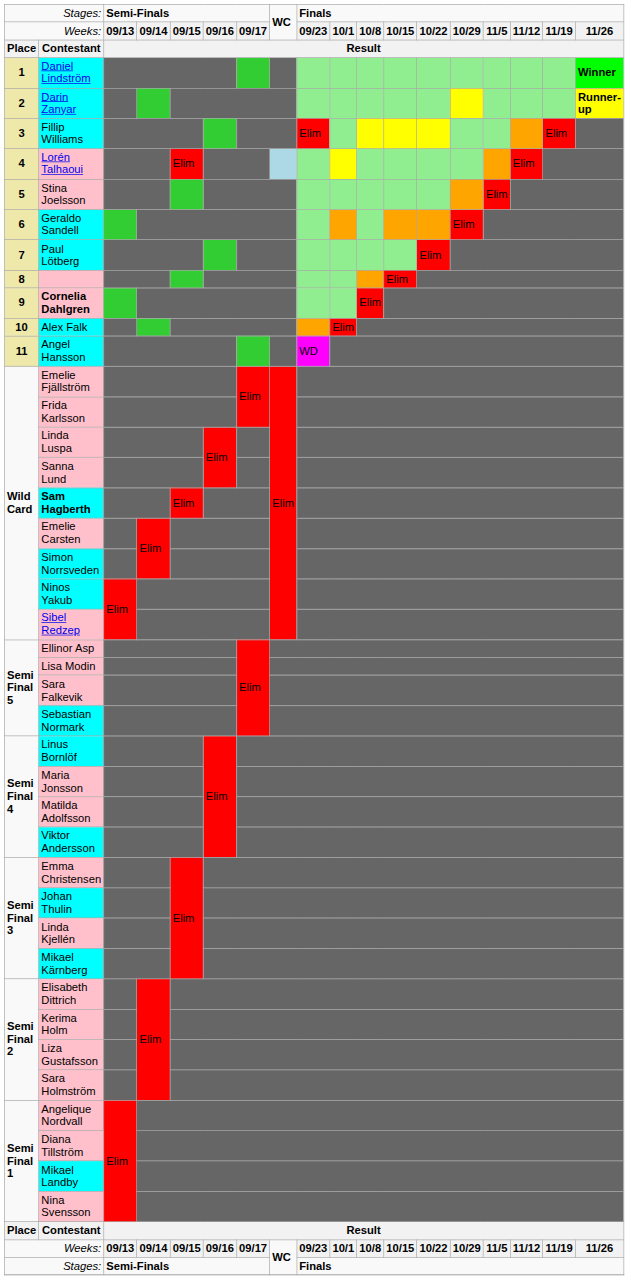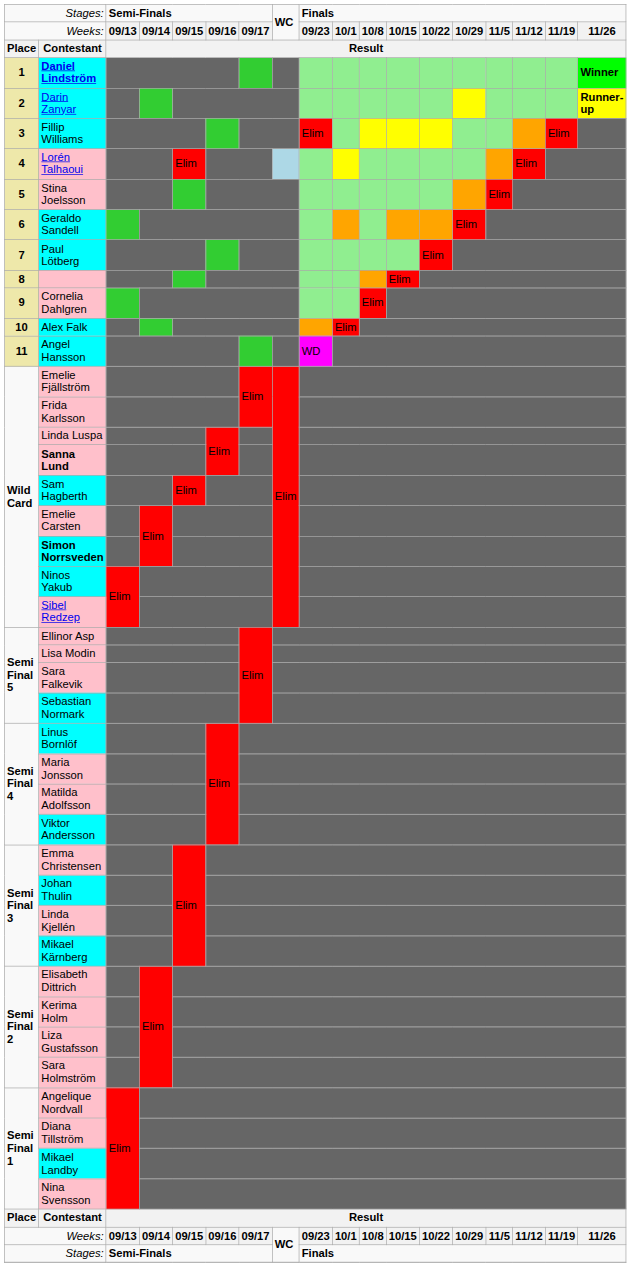 <table class="wikitable" align="center">
 <tr>
 <td colspan = "2" align="right"><em>Stages:</em></td>
 <td colspan = "5" style="background: #CCCCCC text-align: Center;"><strong>Semi-Finals</strong></td>
 <td colspan = "1" style="background: #FBF373 text-align: center;" rowspan="2"><strong>WC</strong></td>
 <td colspan = "10" style="background: palegoldenrod text-align: Center;"><strong>Finals</strong></td>
 </tr>
 <tr>
 <td colspan = "2" align="right"><em>Weeks:</em></td>
 <th>09/13</th>
 <th>09/14</th>
 <th>09/15</th>
 <th>09/16</th>
 <th>09/17</th>
 <th>09/23</th>
 <th>10/1</th>
 <th>10/8</th>
 <th>10/15</th>
 <th>10/22</th>
 <th>10/29</th>
 <th>11/5</th>
 <th>11/12</th>
 <th>11/19</th>
 <th>11/26</th>
 </tr>
 <tr>
 <th>Place</th>
 <th>Contestant</th>
 <th colspan="16" align="center">Result</th>
 </tr>
 <tr>
 <td style   = "text-align: center; background: palegoldenrod"><strong>1</strong></td>
-<td style   = "background: cyan"><a href='#'>Daniel Lindström</a></td>
+<td style   = "background: cyan"><strong><a href='#'>Daniel Lindström</a></strong></td>
 <td colspan = "4" bgcolor="666666"></td>
 <td style   = "background: limegreen"></td>
 <td bgcolor = "666666"></td>
 <td style   = "background: lightgreen"></td>
 <td style   = "background: lightgreen"></td>
 <td style   = "background: lightgreen"></td>
 <td style   = "background: lightgreen"></td>
 <td style   = "background: lightgreen"></td>
 <td style   = "background: lightgreen"></td>
 <td style   = "background: lightgreen"></td>
 <td style   = "background: lightgreen"></td>
 <td style   = "background: lightgreen"></td>
 <td style   = "background: Lime"><strong>Winner</strong></td>
 </tr>
 <tr>
 <td style   = "text-align: center; background: palegoldenrod"><strong>2</strong></td>
 <td style   = "background: cyan"><a href='#'>Darin Zanyar</a></td>
 <td bgcolor = "666666"></td>
 <td style   = "background: limegreen"></td>
 <td colspan = "4" bgcolor="666666"></td>
 <td style   = "background: lightgreen"></td>
 <td style   = "background: lightgreen"></td>
 <td style   = "background: lightgreen"></td>
 <td style   = "background: lightgreen"></td>
 <td style   = "background: lightgreen"></td>
 <td style   = "background: yellow"></td>
 <td style   = "background: lightgreen"></td>
 <td style   = "background: lightgreen"></td>
 <td style   = "background: lightgreen"></td>
 <td style   = "background: yellow"><strong>Runner-up</strong></td>
 </tr>
 <tr>
 <td style   = "text-align: center; background: palegoldenrod"><strong>3</strong></td>
 <td style   = "background: Cyan">Fillip Williams</td>
 <td colspan = "3" bgcolor="666666"></td>
 <td style   = "background: limegreen"></td>
 <td colspan = "2" bgcolor="666666"></td>
 <td style   = "background: red"><span>Elim</span></td>
 <td style   = "background: lightgreen"></td>
 <td style   = "background: yellow"></td>
 <td style   = "background: yellow"></td>
 <td style   = "background: yellow"></td>
 <td style   = "background: lightgreen"></td>
 <td style   = "background: lightgreen"></td>
 <td style   = "background: orange"></td>
 <td style   = "background: red"><span>Elim</span></td>
 <td colspan = "6" bgcolor="666666"></td>
 </tr>
 <tr>
 <td style   = "text-align: center; background: palegoldenrod"><strong>4</strong></td>
 <td style   = "background: pink"><a href='#'>Lorén Talhaoui</a></td>
 <td colspan = "2" bgcolor="666666"></td>
 <td style   = "background: red"><span>Elim</span></td>
 <td colspan = "2" bgcolor="666666"></td>
 <td style   = "background: lightblue"></td>
 <td style   = "background: lightgreen"></td>
 <td style   = "background: yellow"></td>
 <td style   = "background: lightgreen"></td>
 <td style   = "background: lightgreen"></td>
 <td style   = "background: lightgreen"></td>
 <td style   = "background: lightgreen"></td>
 <td style   = "background: orange"></td>
 <td style   = "background: red"><span>Elim</span></td>
 <td colspan = "7" bgcolor="666666"></td>
 </tr>
 <tr>
 <td style   = "text-align: center; background: palegoldenrod"><strong>5</strong></td>
 <td style   = "background: pink">Stina Joelsson</td>
 <td colspan = "2" bgcolor="666666"></td>
 <td style   = "background: limegreen"></td>
 <td colspan = "3" bgcolor="666666"></td>
 <td style   = "background: lightgreen"></td>
 <td style   = "background: lightgreen"></td>
 <td style   = "background: lightgreen"></td>
 <td style   = "background: lightgreen"></td>
 <td style   = "background: lightgreen"></td>
 <td style   = "background: orange"></td>
 <td style   = "background: red"><span>Elim</span></td>
 <td colspan = "8" bgcolor="666666"></td>
 </tr>
 <tr>
 <td style   = "text-align: center; background: palegoldenrod"><strong>6</strong></td>
 <td style   = "background: cyan">Geraldo Sandell</td>
 <td style   = "background: limegreen"></td>
 <td colspan = "5" bgcolor="666666"></td>
 <td style   = "background: lightgreen"></td>
 <td style   = "background: orange"></td>
 <td style   = "background: lightgreen"></td>
 <td style   = "background: orange"></td>
 <td style   = "background: orange"></td>
 <td style   = "background: red"><span>Elim</span></td>
 <td colspan = "9" bgcolor="666666"></td>
 </tr>
 <tr>
 <td style   = "text-align: center; background: palegoldenrod"><strong>7</strong></td>
 <td style   = "background: Cyan">Paul Lötberg</td>
 <td colspan = "3" bgcolor="666666"></td>
 <td style   = "background: limegreen"></td>
 <td colspan = "2" bgcolor="666666"></td>
 <td style   = "background: lightgreen"></td>
 <td style   = "background: lightgreen"></td>
 <td style   = "background: lightgreen"></td>
 <td style   = "background: lightgreen"></td>
 <td style   = "background: red"><span>Elim</span></td>
 <td colspan = "10" bgcolor="666666"></td>
 </tr>
 <tr>
 <td style   = "text-align: center; background: palegoldenrod"><strong>8</strong></td>
 <td style   = "background: pink"></td>
 <td colspan = "2" bgcolor="666666"></td>
 <td style   = "background: limegreen"></td>
 <td colspan = "3" bgcolor="666666"></td>
 <td style   = "background: lightgreen"></td>
 <td style   = "background: lightgreen"></td>
 <td style   = "background: orange"></td>
 <td style   = "background: red"><span>Elim</span></td>
 <td colspan = "11" bgcolor="666666"></td>
 </tr>
 <tr>
 <td style   = "text-align: center; background: palegoldenrod"><strong>9</strong></td>
-<td style   = "background: Pink"><strong>Cornelia Dahlgren</strong></td>
+<td style   = "background: Pink">Cornelia Dahlgren</td>
 <td style   = "background: limegreen"></td>
 <td colspan = "5" bgcolor="666666"></td>
 <td style   = "background: lightgreen"></td>
 <td style   = "background: lightgreen"></td>
 <td style   = "background: red"><span>Elim</span></td>
 <td colspan = "12" bgcolor="666666"></td>
 </tr>
 <tr>
 <td style   = "text-align: center; background: palegoldenrod"><strong>10</strong></td>
 <td style   = "background: cyan">Alex Falk</td>
 <td bgcolor = "666666"></td>
 <td style   = "background: limegreen"></td>
 <td colspan = "4" bgcolor="666666"></td>
 <td style   = "background: orange"></td>
 <td style   = "background: red"><span>Elim</span></td>
 <td colspan = "13" bgcolor="666666"></td>
 </tr>
 <tr>
 <td style   = "text-align: center; background: palegoldenrod"><strong>11</strong></td>
 <td style   = "background: Cyan">Angel Hansson</td>
 <td colspan = "4" bgcolor="666666"></td>
 <td style   = "background: limegreen"></td>
 <td bgcolor = "666666"></td>
 <td style   = "background: magenta"><span>WD</span></td>
 <td colspan = "14" bgcolor="666666"></td>
 </tr>
 <tr>
 <td style   = "background: #FBF373 text-align: center;" rowspan="9"><strong>Wild<br>Card</strong></td>
 <td style   = "background: Pink">Emelie Fjällström</td>
 <td colspan = "4" bgcolor="666666"></td>
 <td style   = "background: red"   rowspan="2"><span>Elim</span></td>
 <td style   = "background: red"   rowspan="9"><span>Elim</span></td>
 <td colspan = "14" bgcolor="666666"></td>
 </tr>
 <tr>
 <td style   = "background: Pink">Frida Karlsson</td>
 <td colspan = "4" bgcolor="666666"></td>
 <td colspan = "14" bgcolor="666666"></td>
 </tr>
 <tr>
 <td style   = "background: Pink">Linda Luspa</td>
 <td colspan = "3" bgcolor="666666"></td>
 <td style   = "background: red"   rowspan="2"><span>Elim</span></td>
 <td bgcolor = "666666"></td>
 <td colspan = "14" bgcolor="666666"></td>
 </tr>
 <tr>
-<td style   = "background: Pink">Sanna Lund</td>
+<td style   = "background: Pink"><strong>Sanna Lund</strong></td>
 <td colspan = "3" bgcolor="666666"></td>
 <td bgcolor = "666666"></td>
 <td colspan = "14" bgcolor="666666"></td>
 </tr>
 <tr>
-<td style   = "background: Cyan"><strong>Sam Hagberth</strong></td>
+<td style   = "background: Cyan">Sam Hagberth</td>
 <td colspan = "2" bgcolor="666666"></td>
 <td style   = "background: red"><span>Elim</span></td>
 <td colspan = "2" bgcolor="666666"></td>
 <td colspan = "14" bgcolor="666666"></td>
 </tr>
 <tr>
 <td style   = "background: Pink">Emelie Carsten</td>
 <td bgcolor = "666666"></td>
 <td style   = "background: red"   rowspan="2"><span>Elim</span></td>
 <td colspan = "3" bgcolor="666666"></td>
 <td colspan = "14" bgcolor="666666"></td>
 </tr>
 <tr>
-<td style   = "background: Cyan">Simon Norrsveden</td>
+<td style   = "background: Cyan"><strong>Simon Norrsveden</strong></td>
 <td bgcolor = "666666"></td>
 <td colspan = "3" bgcolor="666666"></td>
 <td colspan = "14" bgcolor="666666"></td>
 </tr>
 <tr>
 <td style   = "background: Cyan">Ninos Yakub</td>
 <td style   = "background: red"   rowspan="2"><span>Elim</span></td>
 <td colspan = "4" bgcolor="666666"></td>
 <td colspan = "14" bgcolor="666666"></td>
 </tr>
 <tr>
 <td style   = "background: Pink"><a href='#'>Sibel Redzep</a></td>
 <td colspan = "4" bgcolor="666666"></td>
 <td colspan = "14" bgcolor="666666"></td>
 </tr>
 <tr>
 <td style   = "background: #CCCCCC text-align: center;" rowspan="4"><strong>Semi Final 5</strong></td>
 <td style   = "background: Pink">Ellinor Asp</td>
 <td colspan = "4" bgcolor="666666"></td>
 <td style   = "background: red"   rowspan="4"><span>Elim</span></td>
 <td colspan = "14" bgcolor="666666"></td>
 </tr>
 <tr>
 <td style   = "background: Pink">Lisa Modin</td>
 <td colspan = "4" bgcolor="666666"></td>
 <td colspan = "14" bgcolor="666666"></td>
 </tr>
 <tr>
 <td style   = "background: Pink">Sara Falkevik</td>
 <td colspan = "4" bgcolor="666666"></td>
 <td colspan = "14" bgcolor="666666"></td>
 </tr>
 <tr>
 <td style   = "background: Cyan">Sebastian Normark</td>
 <td colspan = "4" bgcolor="666666"></td>
 <td colspan = "14" bgcolor="666666"></td>
 </tr>
 <tr>
 <td style   = "background: #CCCCCC text-align: center;" rowspan="4"><strong>Semi Final 4</strong></td>
 <td style   = "background: Cyan">Linus Bornlöf</td>
 <td colspan = "3" bgcolor="666666"></td>
 <td style   = "background: red"   rowspan="4"><span>Elim</span></td>
 <td colspan = "14" bgcolor="666666"></td>
 </tr>
 <tr>
 <td style   = "background: Pink">Maria Jonsson</td>
 <td colspan = "3" bgcolor="666666"></td>
 <td colspan = "14" bgcolor="666666"></td>
 </tr>
 <tr>
 <td style   = "background: Pink">Matilda Adolfsson</td>
 <td colspan = "3" bgcolor="666666"></td>
 <td colspan = "14" bgcolor="666666"></td>
 </tr>
 <tr>
 <td style   = "background: Cyan">Viktor Andersson</td>
 <td colspan = "3" bgcolor="666666"></td>
 <td colspan = "14" bgcolor="666666"></td>
 </tr>
 <tr>
 <td style   = "background: #CCCCCC text-align: center;" rowspan="4"><strong>Semi Final 3</strong></td>
 <td style   = "background: Pink">Emma Christensen</td>
 <td colspan = "2" bgcolor="666666"></td>
 <td style   = "background: red"   rowspan="4"><span>Elim</span></td>
 <td colspan = "14" bgcolor="666666"></td>
 </tr>
 <tr>
 <td style   = "background: Cyan">Johan Thulin</td>
 <td colspan = "2" bgcolor="666666"></td>
 <td colspan = "14" bgcolor="666666"></td>
 </tr>
 <tr>
 <td style   = "background: Pink">Linda Kjellén</td>
 <td colspan = "2" bgcolor="666666"></td>
 <td colspan = "14" bgcolor="666666"></td>
 </tr>
 <tr>
 <td style   = "background: Cyan">Mikael Kärnberg</td>
 <td colspan = "2" bgcolor="666666"></td>
 <td colspan = "14" bgcolor="666666"></td>
 </tr>
 <tr>
 <td style   = "background: #CCCCCC text-align: center;" rowspan="4"><strong>Semi Final 2</strong></td>
 <td style   = "background: Pink">Elisabeth Dittrich</td>
 <td bgcolor = "666666"></td>
 <td style   = "background: red"   rowspan="4"><span>Elim</span></td>
 <td colspan = "14" bgcolor="666666"></td>
 </tr>
 <tr>
 <td style   = "background: Pink">Kerima Holm</td>
 <td bgcolor = "666666"></td>
 <td colspan = "14" bgcolor="666666"></td>
 </tr>
 <tr>
 <td style   = "background: Pink">Liza Gustafsson</td>
 <td bgcolor = "666666"></td>
 <td colspan = "14" bgcolor="666666"></td>
 </tr>
 <tr>
 <td style   = "background: Pink">Sara Holmström</td>
 <td bgcolor = "666666"></td>
 <td colspan = "14" bgcolor="666666"></td>
 </tr>
 <tr>
 <td style   = "background: #CCCCCC text-align: center;" rowspan="4"><strong>Semi Final 1</strong></td>
 <td style   = "background: Pink">Angelique Nordvall</td>
 <td style   = "background: red"   rowspan="4"><span>Elim</span></td>
 <td colspan = "15" bgcolor="666666"></td>
 </tr>
 <tr>
 <td style   = "background: Pink">Diana Tillström</td>
 <td colspan = "15" bgcolor="666666"></td>
 </tr>
 <tr>
 <td style   = "background: Cyan">Mikael Landby</td>
 <td colspan = "15" bgcolor="666666"></td>
 </tr>
 <tr>
 <td style   = "background: Pink">Nina Svensson</td>
 <td colspan = "15" bgcolor="666666"></td>
 </tr>
 <tr>
 <th>Place</th>
 <th>Contestant</th>
 <th colspan="16" align="center">Result</th>
 </tr>
 <tr>
 <td colspan = "2" align="right"><em>Weeks:</em></td>
 <th>09/13</th>
 <th>09/14</th>
 <th>09/15</th>
 <th>09/16</th>
 <th>09/17</th>
 <td colspan = "1" style="background: #FBF373 text-align: center;" rowspan="2"><strong>WC</strong></td>
 <th>09/23</th>
 <th>10/1</th>
 <th>10/8</th>
 <th>10/15</th>
 <th>10/22</th>
 <th>10/29</th>
 <th>11/5</th>
 <th>11/12</th>
 <th>11/19</th>
 <th>11/26</th>
 </tr>
 <tr>
 <td colspan = "2" align="right"><em>Stages:</em></td>
 <td colspan = "5" style="background: #CCCCCC text-align: Center;"><strong>Semi-Finals</strong></td>
 <td colspan = "10" style="background: palegoldenrod text-align: Center;"><strong>Finals</strong></td>
 </tr>
 <tr>
 </tr>
 </table>
